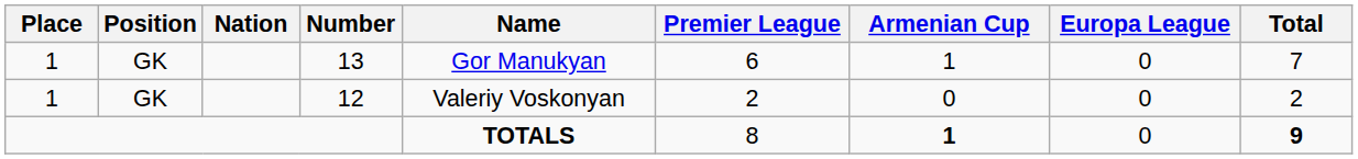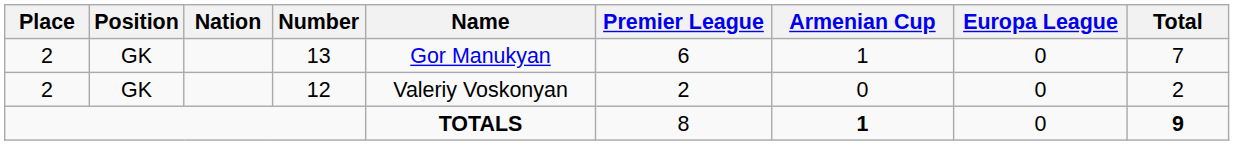 <table class="wikitable" style="font-size: 95%; text-align: center;">
 <tr>
 <th width=60>Place</th>
 <th width=60>Position</th>
 <th width=60>Nation</th>
 <th width=60>Number</th>
 <th width=200>Name</th>
 <th width=150><a href='#'>Premier League</a></th>
 <th width=150><a href='#'>Armenian Cup</a></th>
 <th width=150><a href='#'>Europa League</a></th>
 <th width=80><strong>Total</strong></th>
 </tr>
 <tr>
-<td>1</td>
+<td>2</td>
 <td>GK</td>
 <td></td>
 <td>13</td>
 <td><a href='#'>Gor Manukyan</a></td>
 <td>6</td>
 <td>1</td>
 <td>0</td>
 <td>7</td>
 </tr>
 <tr>
-<td>1</td>
+<td>2</td>
 <td>GK</td>
 <td></td>
 <td>12</td>
 <td>Valeriy Voskonyan</td>
 <td>2</td>
 <td>0</td>
 <td>0</td>
 <td>2</td>
 </tr>
 <tr>
 <td colspan="4"></td>
 <td><strong>TOTALS</strong></td>
 <td>8</td>
 <td><strong>1</strong></td>
 <td>0</td>
 <td><strong>9</strong></td>
 </tr>
 </table>
